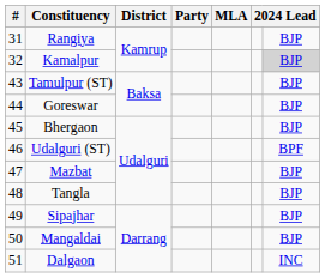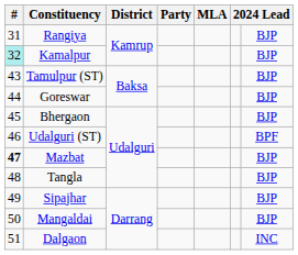 <table class="wikitable sortable" style="text-align:center;">
 <tr>
 <th>#</th>
 <th>Constituency</th>
 <th>District</th>
 <th>Party</th>
 <th>MLA</th>
 <th colspan="2">2024 Lead</th>
 </tr>
 <tr>
 <td>31</td>
 <td><a href='#'>Rangiya</a></td>
 <td rowspan="2"><a href='#'>Kamrup</a></td>
 <td></td>
 <td></td>
 <td style="background-color: "></td>
 <td><a href='#'>BJP</a></td>
 </tr>
 <tr>
-<td>32</td>
+<td style="background: paleturquoise;">32</td>
 <td><a href='#'>Kamalpur</a></td>
 <td></td>
 <td></td>
 <td style="background-color: "></td>
-<td style="background: lightgrey;"><a href='#'>BJP</a></td>
+<td><a href='#'>BJP</a></td>
 </tr>
 <tr>
 <td>43</td>
 <td><a href='#'>Tamulpur</a> (ST)</td>
 <td rowspan="2"><a href='#'>Baksa</a></td>
 <td></td>
 <td></td>
 <td style="background-color: "></td>
 <td><a href='#'>BJP</a></td>
 </tr>
 <tr>
 <td>44</td>
 <td>Goreswar</td>
 <td></td>
 <td></td>
 <td style="background-color: "></td>
 <td><a href='#'>BJP</a></td>
 </tr>
 <tr>
 <td>45</td>
 <td>Bhergaon</td>
 <td rowspan="4"><a href='#'>Udalguri</a></td>
 <td></td>
 <td></td>
 <td style="background-color: "></td>
 <td><a href='#'>BJP</a></td>
 </tr>
 <tr>
 <td>46</td>
 <td><a href='#'>Udalguri</a> (ST)</td>
 <td></td>
 <td></td>
 <td style="background-color: "></td>
 <td><a href='#'>BPF</a></td>
 </tr>
 <tr>
-<td>47</td>
+<td><strong>47</strong></td>
 <td><a href='#'>Mazbat</a></td>
 <td></td>
 <td></td>
 <td style="background-color: "></td>
 <td><a href='#'>BJP</a></td>
 </tr>
 <tr>
 <td>48</td>
 <td>Tangla</td>
 <td></td>
 <td></td>
 <td style="background-color: "></td>
 <td><a href='#'>BJP</a></td>
 </tr>
 <tr>
 <td>49</td>
 <td><a href='#'>Sipajhar</a></td>
 <td rowspan="3"><a href='#'>Darrang</a></td>
 <td></td>
 <td></td>
 <td style="background-color: "></td>
 <td><a href='#'>BJP</a></td>
 </tr>
 <tr>
 <td>50</td>
 <td><a href='#'>Mangaldai</a></td>
 <td></td>
 <td></td>
 <td style="background-color: "></td>
 <td><a href='#'>BJP</a></td>
 </tr>
 <tr>
 <td>51</td>
 <td><a href='#'>Dalgaon</a></td>
 <td></td>
 <td></td>
 <td style="background-color: "></td>
 <td><a href='#'>INC</a></td>
 </tr>
 </table>
